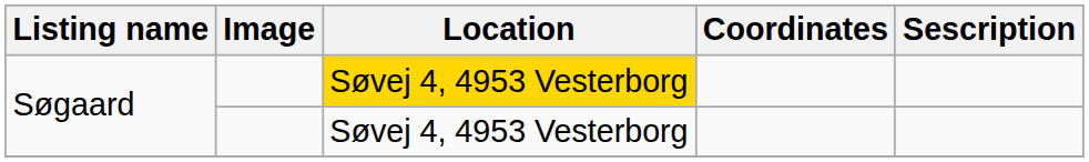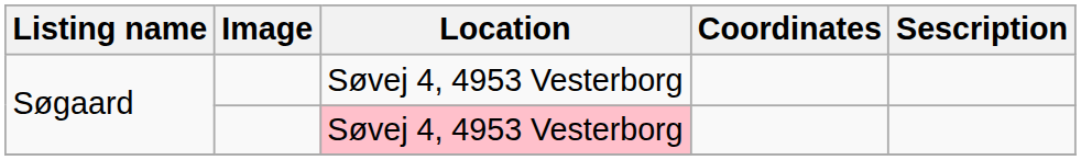 <table class="wikitable sortable">
 <tr>
 <th>Listing name</th>
 <th>Image</th>
 <th>Location</th>
 <th>Coordinates</th>
 <th>Sescription</th>
 </tr>
 <tr>
 <td rowspan="2">Søgaard</td>
 <td></td>
-<td style="background: gold;">Søvej 4, 4953 Vesterborg</td>
+<td>Søvej 4, 4953 Vesterborg</td>
 <td></td>
 <td></td>
 </tr>
 <tr>
 <td></td>
-<td>Søvej 4, 4953 Vesterborg</td>
+<td style="background: pink;">Søvej 4, 4953 Vesterborg</td>
 <td></td>
 <td></td>
 </tr>
 <tr>
 </tr>
 </table>
